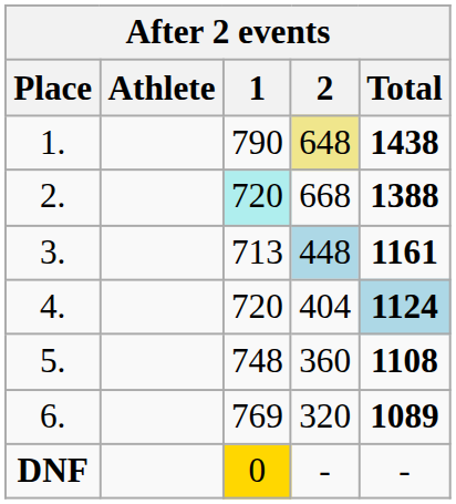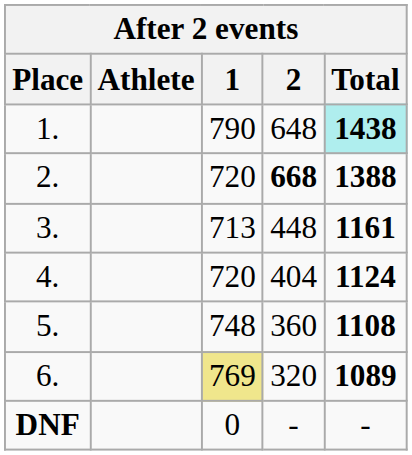 <table class=wikitable style="text-align:center">
 <tr>
 <th colspan=5><strong>After 2 events</strong></th>
 </tr>
 <tr>
 <th>Place</th>
 <th>Athlete</th>
 <th>1</th>
 <th>2</th>
 <th>Total</th>
 </tr>
 <tr>
 <td width=30>1.</td>
 <td align=left></td>
 <td>790</td>
-<td style="background: khaki;">648</td>
-<td><strong>1438</strong></td>
+<td>648</td>
+<td style="background: paleturquoise;"><strong>1438</strong></td>
 </tr>
 <tr>
 <td>2.</td>
 <td align=left></td>
-<td style="background: paleturquoise;">720</td>
-<td>668</td>
+<td>720</td>
+<td><strong>668</strong></td>
 <td><strong>1388</strong></td>
 </tr>
 <tr>
 <td>3.</td>
 <td align=left></td>
 <td>713</td>
-<td style="background: lightblue;">448</td>
+<td>448</td>
 <td><strong>1161</strong></td>
 </tr>
 <tr>
 <td>4.</td>
 <td align=left></td>
 <td>720</td>
 <td>404</td>
-<td style="background: lightblue;"><strong>1124</strong></td>
+<td><strong>1124</strong></td>
 </tr>
 <tr>
 <td>5.</td>
 <td align=left></td>
 <td>748</td>
 <td>360</td>
 <td><strong>1108</strong></td>
 </tr>
 <tr>
 <td>6.</td>
 <td align=left></td>
-<td>769</td>
+<td style="background: khaki;">769</td>
 <td>320</td>
 <td><strong>1089</strong></td>
 </tr>
 <tr>
 <td><strong>DNF</strong></td>
 <td align=left></td>
-<td style="background: gold;">0</td>
+<td>0</td>
 <td>-</td>
 <td>-</td>
 </tr>
 </table>
